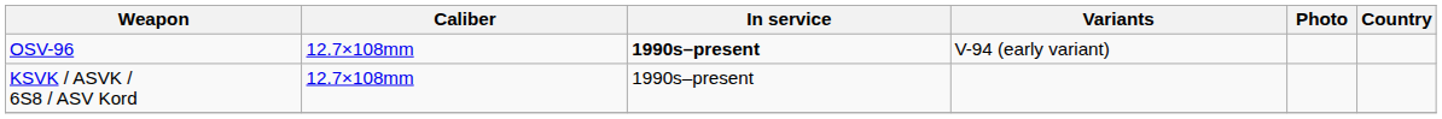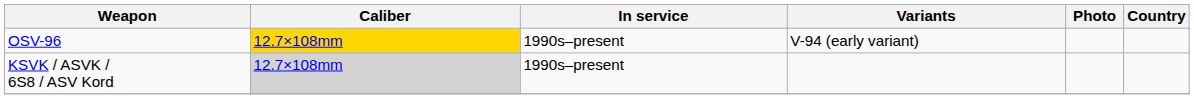 <table class="wikitable">
 <tr>
 <th style="width:22%;", align=left>Weapon</th>
 <th style="width:24%;", align=left>Caliber</th>
 <th style="width:24%;", align=left>In service</th>
 <th style="width:25%;", align=left>Variants</th>
 <th style="width:29%;">Photo</th>
 <th style="width:16%;", align=left>Country</th>
 </tr>
 <tr>
 <td align=left, valign=top><a href='#'>OSV-96</a><br></td>
-<td align=left, valign=top><a href='#'>12.7×108mm</a></td>
-<td align=left, valign=top><strong>1990s–present</strong></td>
+<td align=left, valign=top style="background: gold;"><a href='#'>12.7×108mm</a></td>
+<td align=left, valign=top>1990s–present</td>
 <td align=left, valign=top>V-94 (early variant)</td>
 <td align=center></td>
 <td><br></td>
 </tr>
 <tr>
 <td align=left, valign=top><a href='#'>KSVK</a> / ASVK /<br>6S8 / ASV Kord</td>
-<td align=left, valign=top><a href='#'>12.7×108mm</a></td>
+<td align=left, valign=top style="background: lightgrey;"><a href='#'>12.7×108mm</a></td>
 <td align=left, valign=top>1990s–present</td>
 <td align=left, valign=top></td>
 <td align=center></td>
 <td></td>
 </tr>
 <tr>
 </tr>
 </table>
